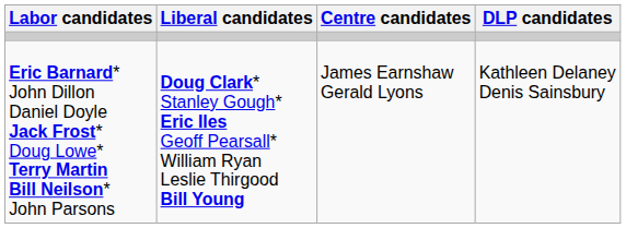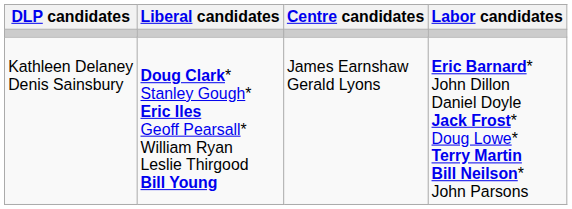 <table class="wikitable">
 <tr>
-<th><a href='#'>Labor</a> candidates</th>
+<th><a href='#'>DLP</a> candidates</th>
 <th><a href='#'>Liberal</a> candidates</th>
 <th><a href='#'>Centre</a> candidates</th>
-<th><a href='#'>DLP</a> candidates</th>
+<th><a href='#'>Labor</a> candidates</th>
 </tr>
 <tr bgcolor="#cccccc">
 <td></td>
 <td></td>
 <td></td>
 <td></td>
 </tr>
 <tr>
-<td><br><strong><a href='#'>Eric Barnard</a></strong>*<br> John Dillon<br> Daniel Doyle<br> <strong><a href='#'>Jack Frost</a></strong>*<br> <a href='#'>Doug Lowe</a>*<br> <strong><a href='#'>Terry Martin</a></strong><br> <strong><a href='#'>Bill Neilson</a></strong>*<br> John Parsons</td>
+<td valign=top><br>Kathleen Delaney<br> Denis Sainsbury</td>
 <td><br><strong><a href='#'>Doug Clark</a></strong>*<br> <a href='#'>Stanley Gough</a>*<br> <strong><a href='#'>Eric Iles</a></strong><br> <a href='#'>Geoff Pearsall</a>*<br> William Ryan<br> Leslie Thirgood<br> <strong><a href='#'>Bill Young</a></strong></td>
 <td valign=top><br>James Earnshaw<br> Gerald Lyons</td>
-<td valign=top><br>Kathleen Delaney<br> Denis Sainsbury</td>
+<td><br><strong><a href='#'>Eric Barnard</a></strong>*<br> John Dillon<br> Daniel Doyle<br> <strong><a href='#'>Jack Frost</a></strong>*<br> <a href='#'>Doug Lowe</a>*<br> <strong><a href='#'>Terry Martin</a></strong><br> <strong><a href='#'>Bill Neilson</a></strong>*<br> John Parsons</td>
 </tr>
 </table>
